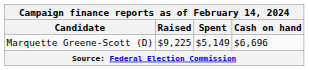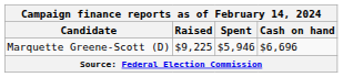 <table class="wikitable sortable">
 <tr>
 <th colspan=4>Campaign finance reports as of February 14, 2024</th>
 </tr>
 <tr style="text-align:center;">
 <th>Candidate</th>
 <th>Raised</th>
 <th>Spent</th>
 <th>Cash on hand</th>
 </tr>
 <tr>
 <td style="color:black;background-color:">Marquette Greene-Scott (D)</td>
 <td>$9,225</td>
-<td>$5,149</td>
+<td>$5,946</td>
 <td>$6,696</td>
 </tr>
 <tr>
 <th colspan="4"><small>Source: <a href='#'>Federal Election Commission</a></small></th>
 </tr>
 </table>
